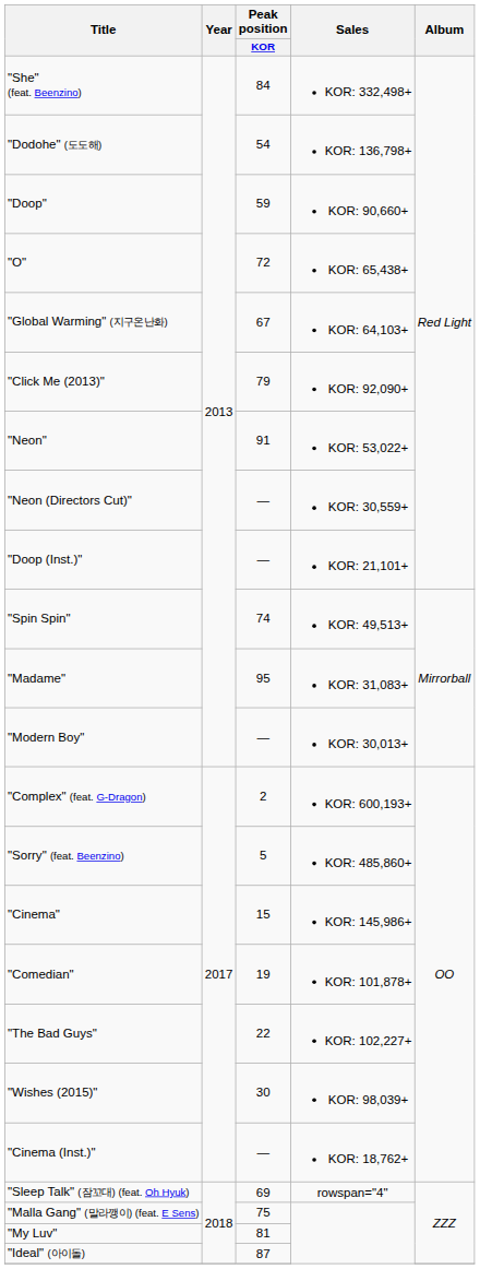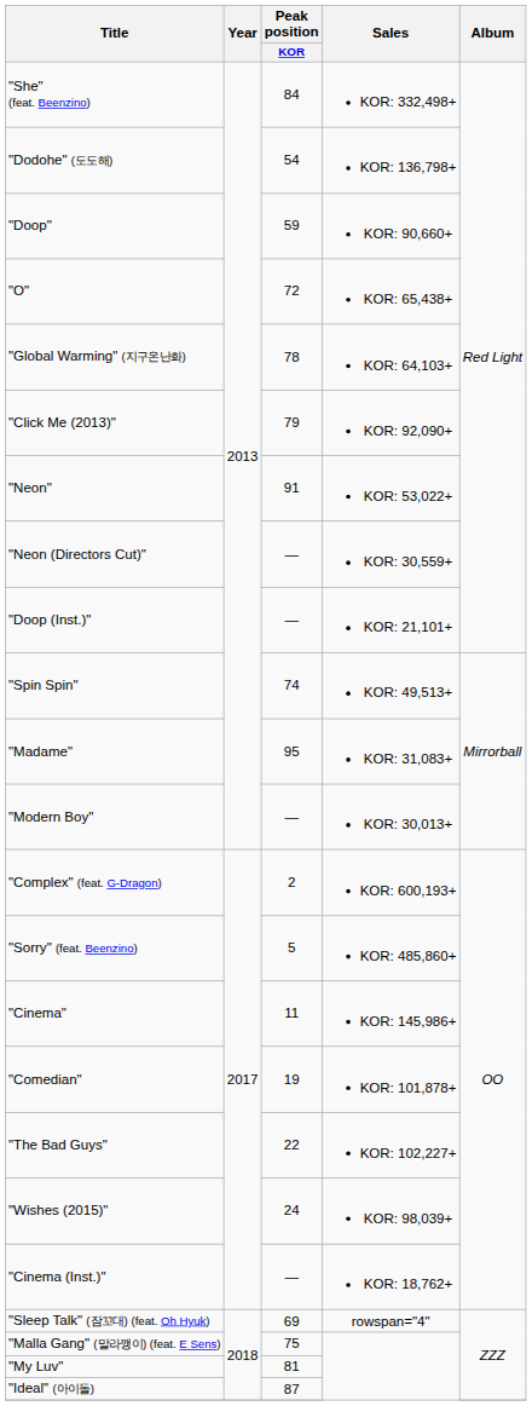 <table class="wikitable" style="text-align:center">
 <tr>
 <th scope="col" rowspan="2">Title</th>
 <th scope="col" rowspan="2">Year</th>
 <th scope="col">Peak<br>position</th>
 <th scope="col" rowspan="2">Sales</th>
 <th scope="col" rowspan="2">Album</th>
 </tr>
 <tr>
 <th style="font-size:85%"><a href='#'>KOR</a><br></th>
 </tr>
 <tr>
 <td align="left">"She" <br><small>(feat. <a href='#'>Beenzino</a>)</small></td>
 <td rowspan=12>2013</td>
 <td>84</td>
 <td><br><ul><li>KOR: 332,498+</li></ul></td>
 <td rowspan=9><em>Red Light</em></td>
 </tr>
 <tr>
 <td align="left">"Dodohe" <small>(도도해)</small></td>
 <td>54</td>
 <td><br><ul><li>KOR: 136,798+</li></ul></td>
 </tr>
 <tr>
 <td align="left">"Doop"</td>
 <td>59</td>
 <td><br><ul><li>KOR: 90,660+</li></ul></td>
 </tr>
 <tr>
 <td align="left">"O"</td>
 <td>72</td>
 <td><br><ul><li>KOR: 65,438+</li></ul></td>
 </tr>
 <tr>
 <td align="left">"Global Warming" <small>(지구온난화)</small></td>
-<td>67</td>
+<td>78</td>
 <td><br><ul><li>KOR: 64,103+</li></ul></td>
 </tr>
 <tr>
 <td align="left">"Click Me (2013)"</td>
 <td>79</td>
 <td><br><ul><li>KOR: 92,090+</li></ul></td>
 </tr>
 <tr>
 <td align="left">"Neon"</td>
 <td>91</td>
 <td><br><ul><li>KOR: 53,022+</li></ul></td>
 </tr>
 <tr>
 <td align="left">"Neon (Directors Cut)"</td>
 <td>—</td>
 <td><br><ul><li>KOR: 30,559+</li></ul></td>
 </tr>
 <tr>
 <td align="left">"Doop (Inst.)"</td>
 <td>—</td>
 <td><br><ul><li>KOR: 21,101+</li></ul></td>
 </tr>
 <tr>
 <td align="left">"Spin Spin"</td>
 <td>74</td>
 <td><br><ul><li>KOR: 49,513+</li></ul></td>
 <td rowspan=3><em>Mirrorball</em></td>
 </tr>
 <tr>
 <td align="left">"Madame"</td>
 <td>95</td>
 <td><br><ul><li>KOR: 31,083+</li></ul></td>
 </tr>
 <tr>
 <td align="left">"Modern Boy"</td>
 <td>—</td>
 <td><br><ul><li>KOR: 30,013+</li></ul></td>
 </tr>
 <tr>
 <td align="left">"Complex" <small>(feat. <a href='#'>G-Dragon</a>)</small></td>
 <td rowspan=7>2017</td>
 <td>2</td>
 <td><br><ul><li>KOR: 600,193+</li></ul></td>
 <td rowspan=7><em>OO</em></td>
 </tr>
 <tr>
 <td align="left">"Sorry" <small>(feat. <a href='#'>Beenzino</a>)</small></td>
 <td>5</td>
 <td><br><ul><li>KOR: 485,860+</li></ul></td>
 </tr>
 <tr>
 <td align="left">"Cinema"</td>
-<td>15</td>
+<td>11</td>
 <td><br><ul><li>KOR: 145,986+</li></ul></td>
 </tr>
 <tr>
 <td align="left">"Comedian"</td>
 <td>19</td>
 <td><br><ul><li>KOR: 101,878+</li></ul></td>
 </tr>
 <tr>
 <td align="left">"The Bad Guys"</td>
 <td>22</td>
 <td><br><ul><li>KOR: 102,227+</li></ul></td>
 </tr>
 <tr>
 <td align="left">"Wishes (2015)"</td>
-<td>30</td>
+<td>24</td>
 <td><br><ul><li>KOR: 98,039+</li></ul></td>
 </tr>
 <tr>
 <td align="left">"Cinema (Inst.)"</td>
 <td>—</td>
 <td><br><ul><li>KOR: 18,762+</li></ul></td>
 </tr>
 <tr>
 <td align="left">"Sleep Talk" <small>(잠꼬대) (feat. <a href='#'>Oh Hyuk</a>)</small></td>
 <td rowspan=4>2018</td>
 <td>69</td>
 <td>rowspan="4" </td>
 <td rowspan=4><em>ZZZ</em></td>
 </tr>
 <tr>
 <td align="left">"Malla Gang" <small>(말라깽이) (feat. <a href='#'>E Sens</a>)</small></td>
 <td>75</td>
 </tr>
 <tr>
 <td align="left">"My Luv"</td>
 <td>81</td>
 </tr>
 <tr>
 <td align="left">"Ideal" <small>(아이돌)</small></td>
 <td>87</td>
 </tr>
 <tr>
 </tr>
 </table>
